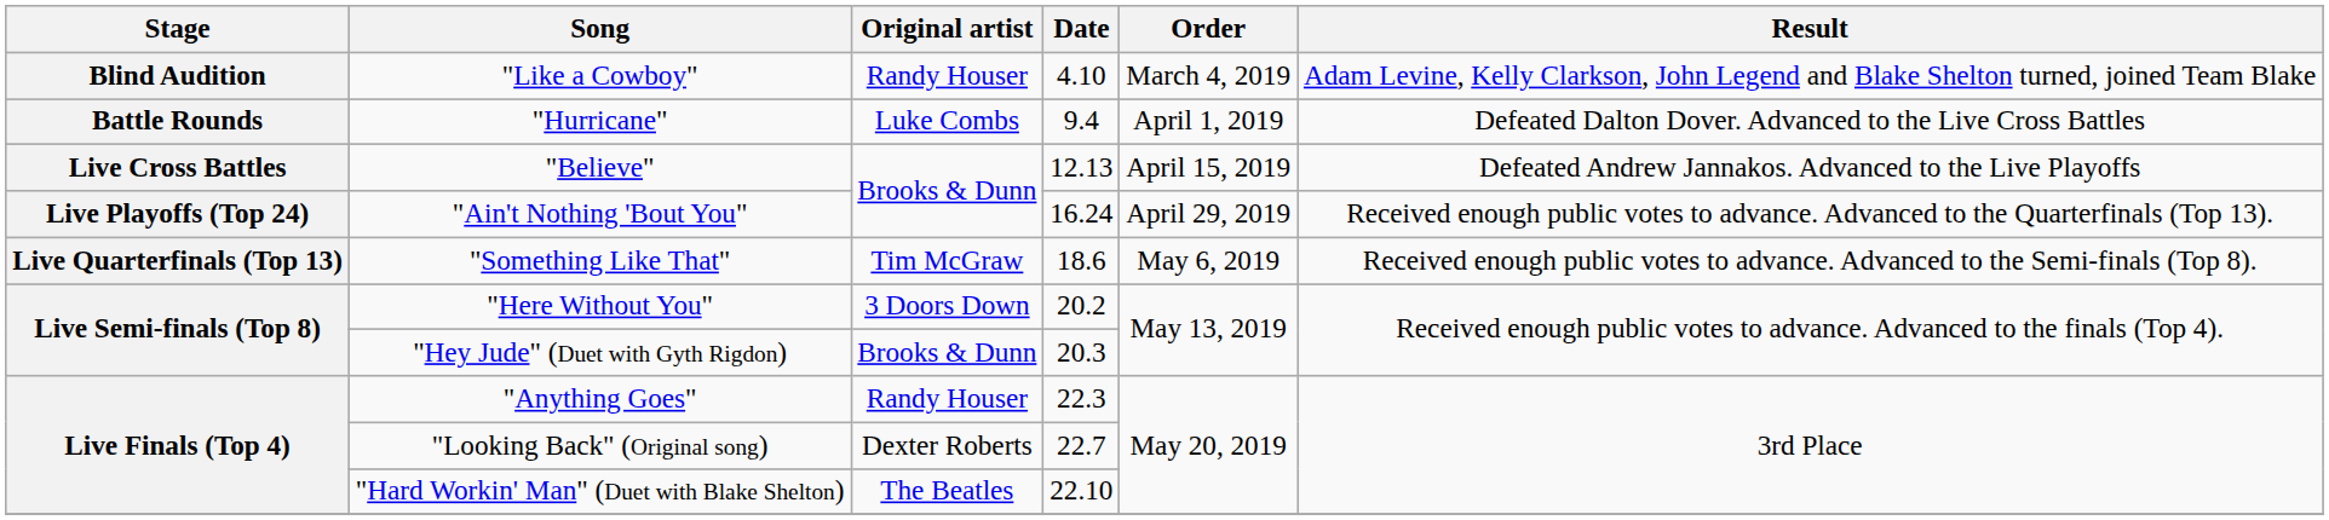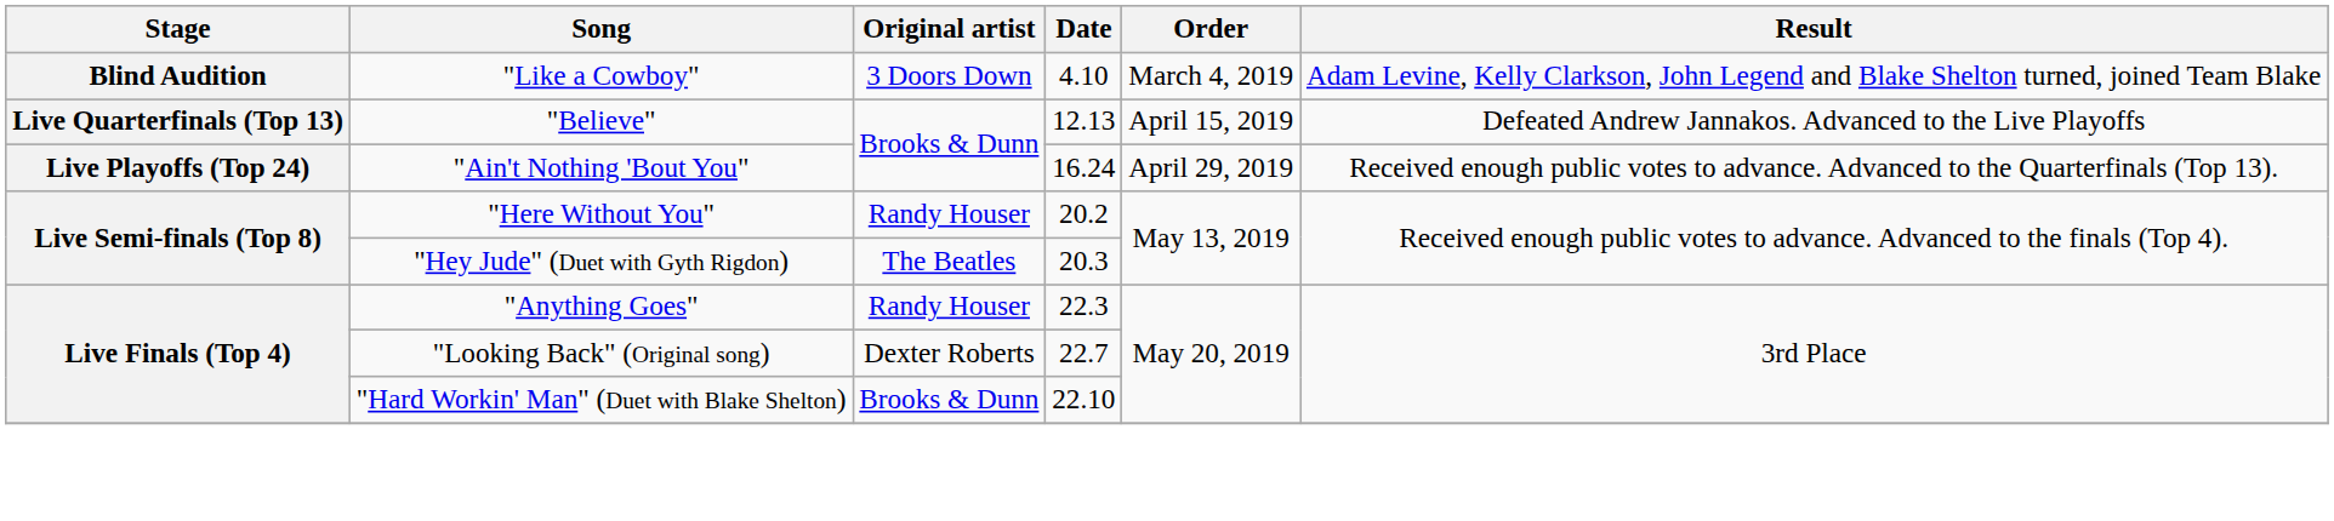 <table class="wikitable" style="text-align:center; font-size:90%;">
 <tr>
 <th scope="col">Stage</th>
 <th scope="col">Song</th>
 <th scope="col">Original artist</th>
 <th scope="col">Date</th>
 <th scope="col">Order</th>
 <th scope="col">Result</th>
 </tr>
 <tr>
 <th>Blind Audition</th>
 <td>"<a href='#'>Like a Cowboy</a>"</td>
-<td><a href='#'>Randy Houser</a></td>
+<td><a href='#'>3 Doors Down</a></td>
 <td>4.10</td>
 <td>March 4, 2019</td>
 <td><a href='#'>Adam Levine</a>, <a href='#'>Kelly Clarkson</a>, <a href='#'>John Legend</a> and <a href='#'>Blake Shelton</a> turned, joined Team Blake</td>
 </tr>
 <tr>
-<th>Battle Rounds</th>
-<td>"<a href='#'>Hurricane</a>"</td>
-<td><a href='#'>Luke Combs</a></td>
-<td>9.4</td>
-<td>April 1, 2019</td>
-<td>Defeated Dalton Dover. Advanced to the Live Cross Battles</td>
-</tr>
-<tr>
-<th>Live Cross Battles</th>
+<th>Live Quarterfinals (Top 13)</th>
 <td>"<a href='#'>Believe</a>"</td>
 <td rowspan="2"><a href='#'>Brooks & Dunn</a></td>
 <td>12.13</td>
 <td>April 15, 2019</td>
 <td>Defeated Andrew Jannakos. Advanced to the Live Playoffs</td>
 </tr>
 <tr>
 <th>Live Playoffs (Top 24)</th>
 <td>"<a href='#'>Ain't Nothing 'Bout You</a>"</td>
 <td>16.24</td>
 <td>April 29, 2019</td>
 <td>Received enough public votes to advance. Advanced to the Quarterfinals (Top 13).</td>
 </tr>
 <tr>
-<th>Live Quarterfinals (Top 13)</th>
-<td>"<a href='#'>Something Like That</a>"</td>
-<td><a href='#'>Tim McGraw</a></td>
-<td>18.6</td>
-<td>May 6, 2019</td>
-<td>Received enough public votes to advance. Advanced to the Semi-finals (Top 8).</td>
-</tr>
-<tr>
 <th rowspan="2">Live Semi-finals (Top 8)</th>
 <td>"<a href='#'>Here Without You</a>"</td>
-<td><a href='#'>3 Doors Down</a></td>
+<td><a href='#'>Randy Houser</a></td>
 <td>20.2</td>
 <td rowspan="2">May 13, 2019</td>
 <td rowspan="2">Received enough public votes to advance. Advanced to the finals (Top 4).</td>
 </tr>
 <tr>
 <td>"<a href='#'>Hey Jude</a>" (<small>Duet with Gyth Rigdon</small>)</td>
-<td><a href='#'>Brooks & Dunn</a></td>
+<td><a href='#'>The Beatles</a></td>
 <td>20.3</td>
 </tr>
 <tr>
 <th rowspan="3">Live Finals (Top 4)</th>
 <td>"<a href='#'>Anything Goes</a>"</td>
 <td><a href='#'>Randy Houser</a></td>
 <td>22.3</td>
 <td rowspan="3">May 20, 2019</td>
 <td rowspan="3">3rd Place</td>
 </tr>
 <tr>
 <td>"Looking Back" (<small>Original song</small>)</td>
 <td>Dexter Roberts</td>
 <td>22.7</td>
 </tr>
 <tr>
 <td>"<a href='#'>Hard Workin' Man</a>" (<small>Duet with Blake Shelton</small>)</td>
-<td><a href='#'>The Beatles</a></td>
+<td><a href='#'>Brooks & Dunn</a></td>
 <td>22.10</td>
 </tr>
 <tr>
 </tr>
 </table>
